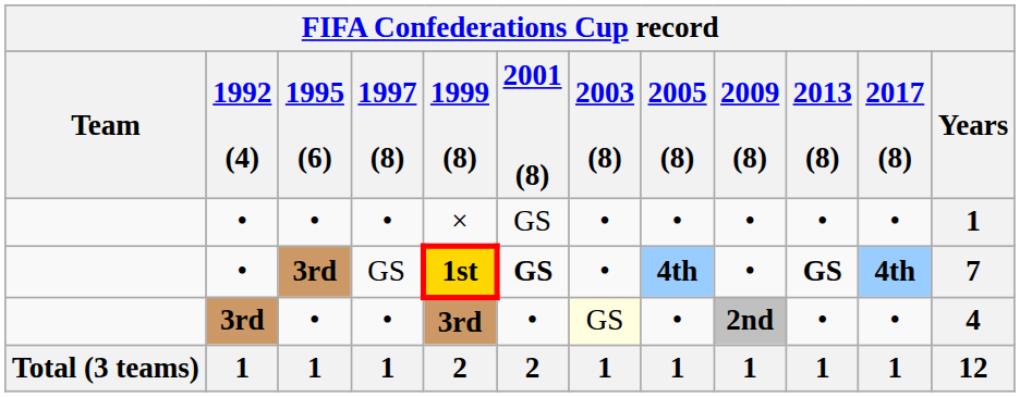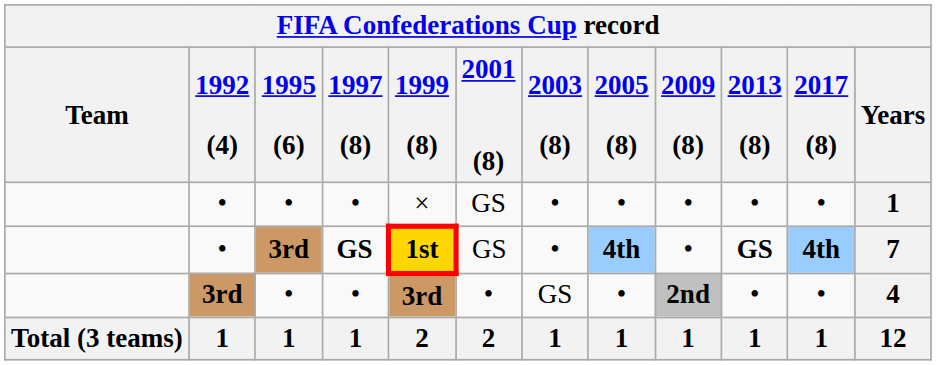 <table class="wikitable" style="text-align: center">
 <tr>
 <th colspan=12><a href='#'>FIFA Confederations Cup</a> record</th>
 </tr>
 <tr>
 <th>Team</th>
 <th><a href='#'>1992</a><br> <br> (4)</th>
 <th><a href='#'>1995</a><br> <br> (6)</th>
 <th><a href='#'>1997</a><br> <br> (8)</th>
 <th><a href='#'>1999</a><br> <br> (8)</th>
 <th><a href='#'>2001</a><br> <br><br> (8)</th>
 <th><a href='#'>2003</a><br> <br> (8)</th>
 <th><a href='#'>2005</a><br> <br> (8)</th>
 <th><a href='#'>2009</a><br> <br> (8)</th>
 <th><a href='#'>2013</a><br> <br> (8)</th>
 <th><a href='#'>2017</a><br> <br> (8)</th>
 <th>Years</th>
 </tr>
 <tr>
 <td align=left></td>
 <td>•</td>
 <td>•</td>
 <td>•</td>
 <td>×</td>
 <td>GS</td>
 <td>•</td>
 <td>•</td>
 <td>•</td>
 <td>•</td>
 <td>•</td>
 <th>1</th>
 </tr>
 <tr>
 <td align=left></td>
 <td>•</td>
 <td style="background:#c96;"><strong>3rd</strong></td>
+<td><strong>GS</strong></td>
+<td style="border:3px solid red; background:gold;"><strong>1st</strong></td>
 <td>GS</td>
-<td style="border:3px solid red; background:gold;"><strong>1st</strong></td>
-<td><strong>GS</strong></td>
 <td>•</td>
 <td style="background:#9acdff;"><strong>4th</strong></td>
 <td>•</td>
 <td><strong>GS</strong></td>
 <td style="background:#9acdff;"><strong>4th</strong></td>
 <th>7</th>
 </tr>
 <tr>
 <td align=left></td>
 <td style="background:#c96;"><strong>3rd</strong></td>
 <td>•</td>
 <td>•</td>
 <td style="background:#c96;"><strong>3rd</strong></td>
 <td>•</td>
-<td style="background: lightyellow;">GS</td>
+<td>GS</td>
 <td>•</td>
 <td style="background:silver;"><strong>2nd</strong></td>
 <td>•</td>
 <td>•</td>
 <th>4</th>
 </tr>
 <tr>
 <th>Total (3 teams)</th>
 <th>1</th>
 <th>1</th>
 <th>1</th>
 <th>2</th>
 <th>2</th>
 <th>1</th>
 <th>1</th>
 <th>1</th>
 <th>1</th>
 <th>1</th>
 <th>12</th>
 </tr>
 </table>
